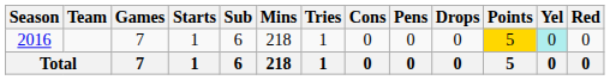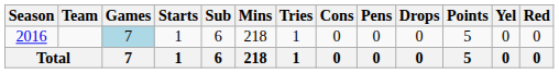 <table class="wikitable" style="text-align:center; line-height:90%; font-size:95%; width:60%;">
 <tr>
 <th>Season</th>
 <th>Team</th>
 <th>Games</th>
 <th>Starts</th>
 <th>Sub</th>
 <th>Mins</th>
 <th>Tries</th>
 <th>Cons</th>
 <th>Pens</th>
 <th>Drops</th>
 <th>Points</th>
 <th>Yel</th>
 <th>Red</th>
 </tr>
 <tr>
 <td><a href='#'>2016</a></td>
 <td></td>
-<td>7</td>
+<td style="background: lightblue;">7</td>
 <td>1</td>
 <td>6</td>
 <td>218</td>
 <td>1</td>
 <td>0</td>
 <td>0</td>
 <td>0</td>
-<td style="background: gold;">5</td>
-<td style="background: paleturquoise;">0</td>
+<td>5</td>
+<td>0</td>
 <td>0</td>
 </tr>
 <tr>
 <th colspan="2">Total</th>
 <th>7</th>
 <th>1</th>
 <th>6</th>
 <th>218</th>
 <th>1</th>
 <th>0</th>
 <th>0</th>
 <th>0</th>
 <th>5</th>
 <th>0</th>
 <th>0</th>
 </tr>
 </table>
